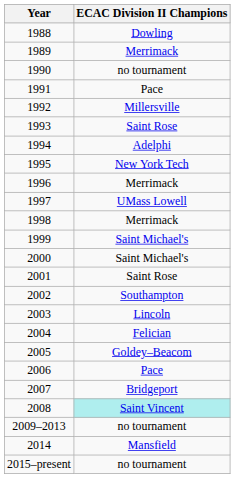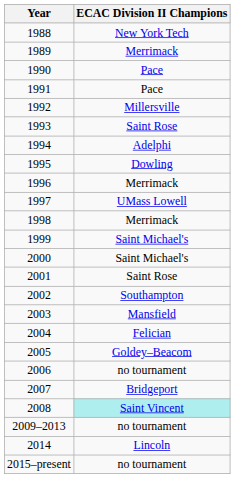 <table class="wikitable" style="text-align:center">
 <tr bgcolor="#CCCCCC">
 <th>Year</th>
 <th>ECAC Division II Champions</th>
 </tr>
 <tr>
 <td>1988</td>
-<td><a href='#'>Dowling</a></td>
+<td><a href='#'>New York Tech</a></td>
 </tr>
 <tr>
 <td>1989</td>
 <td><a href='#'>Merrimack</a></td>
 </tr>
 <tr>
 <td>1990</td>
-<td>no tournament</td>
+<td><a href='#'>Pace</a></td>
 </tr>
 <tr>
 <td>1991</td>
 <td>Pace</td>
 </tr>
 <tr>
 <td>1992</td>
 <td><a href='#'>Millersville</a></td>
 </tr>
 <tr>
 <td>1993</td>
 <td><a href='#'>Saint Rose</a></td>
 </tr>
 <tr>
 <td>1994</td>
 <td><a href='#'>Adelphi</a></td>
 </tr>
 <tr>
 <td>1995</td>
-<td><a href='#'>New York Tech</a></td>
+<td><a href='#'>Dowling</a></td>
 </tr>
 <tr>
 <td>1996</td>
 <td>Merrimack</td>
 </tr>
 <tr>
 <td>1997</td>
 <td><a href='#'>UMass Lowell</a></td>
 </tr>
 <tr>
 <td>1998</td>
 <td>Merrimack</td>
 </tr>
 <tr>
 <td>1999</td>
 <td><a href='#'>Saint Michael's</a></td>
 </tr>
 <tr>
 <td>2000</td>
 <td>Saint Michael's</td>
 </tr>
 <tr>
 <td>2001</td>
 <td>Saint Rose</td>
 </tr>
 <tr>
 <td>2002</td>
 <td><a href='#'>Southampton</a></td>
 </tr>
 <tr>
 <td>2003</td>
-<td><a href='#'>Lincoln</a></td>
+<td><a href='#'>Mansfield</a></td>
 </tr>
 <tr>
 <td>2004</td>
 <td><a href='#'>Felician</a></td>
 </tr>
 <tr>
 <td>2005</td>
 <td><a href='#'>Goldey–Beacom</a></td>
 </tr>
 <tr>
 <td>2006</td>
-<td><a href='#'>Pace</a></td>
+<td>no tournament</td>
 </tr>
 <tr>
 <td>2007</td>
 <td><a href='#'>Bridgeport</a></td>
 </tr>
 <tr>
 <td>2008</td>
 <td style="background: paleturquoise;"><a href='#'>Saint Vincent</a></td>
 </tr>
 <tr>
 <td>2009–2013</td>
 <td>no tournament</td>
 </tr>
 <tr>
 <td>2014</td>
-<td><a href='#'>Mansfield</a></td>
+<td><a href='#'>Lincoln</a></td>
 </tr>
 <tr>
 <td>2015–present</td>
 <td>no tournament</td>
 </tr>
 </table>
